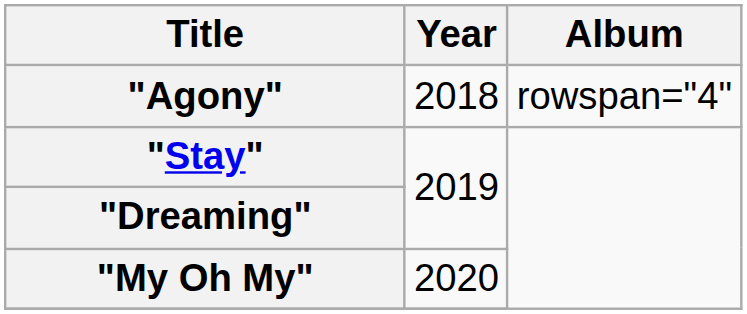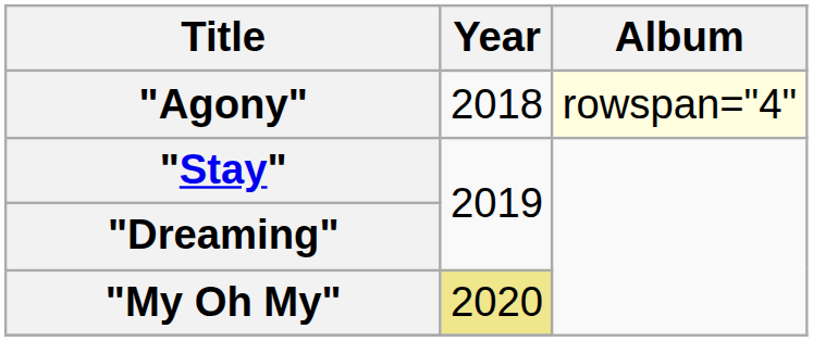 <table class="wikitable plainrowheaders" style="text-align:center;">
 <tr>
 <th scope="col" style="width:10em;">Title</th>
 <th scope="col" style="width:1em;">Year</th>
 <th scope="col">Album</th>
 </tr>
 <tr>
 <th scope="row">"Agony"</th>
 <td>2018</td>
-<td>rowspan="4" </td>
+<td style="background: lightyellow;">rowspan="4" </td>
 </tr>
 <tr>
 <th scope="row">"<a href='#'>Stay</a>"</th>
 <td rowspan="2">2019</td>
 </tr>
 <tr>
 <th scope="row">"Dreaming"</th>
 </tr>
 <tr>
 <th scope="row">"My Oh My"</th>
-<td>2020</td>
+<td style="background: khaki;">2020</td>
 </tr>
 <tr>
 </tr>
 </table>
